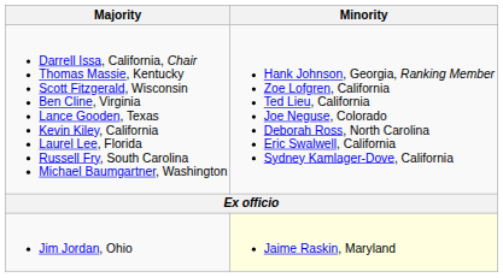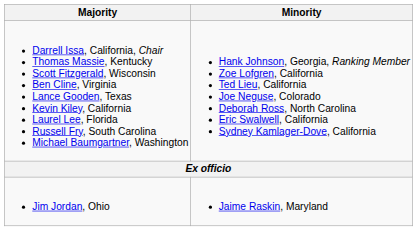 <table class=wikitable>
 <tr>
 <th>Majority</th>
 <th>Minority</th>
 </tr>
 <tr>
 <td><br><ul><li><a href='#'>Darrell Issa</a>, California, <em>Chair</em></li><li><a href='#'>Thomas Massie</a>, Kentucky</li><li><a href='#'>Scott Fitzgerald</a>, Wisconsin</li><li><a href='#'>Ben Cline</a>, Virginia</li><li><a href='#'>Lance Gooden</a>, Texas</li><li><a href='#'>Kevin Kiley</a>, California</li><li><a href='#'>Laurel Lee</a>, Florida</li><li><a href='#'>Russell Fry</a>, South Carolina</li><li><a href='#'>Michael Baumgartner</a>, Washington</li></ul></td>
 <td><br><ul><li><a href='#'>Hank Johnson</a>, Georgia, <em>Ranking Member</em></li><li><a href='#'>Zoe Lofgren</a>, California</li><li><a href='#'>Ted Lieu</a>, California</li><li><a href='#'>Joe Neguse</a>, Colorado</li><li><a href='#'>Deborah Ross</a>, North Carolina</li><li><a href='#'>Eric Swalwell</a>, California</li><li><a href='#'>Sydney Kamlager-Dove</a>, California</li></ul></td>
 </tr>
 <tr>
 <th colspan=2><em>Ex officio</em></th>
 </tr>
 <tr>
 <td><br><ul><li><a href='#'>Jim Jordan</a>, Ohio</li></ul></td>
-<td style="background: lightyellow;"><br><ul><li><a href='#'>Jaime Raskin</a>, Maryland</li></ul></td>
+<td><br><ul><li><a href='#'>Jaime Raskin</a>, Maryland</li></ul></td>
 </tr>
 </table>
